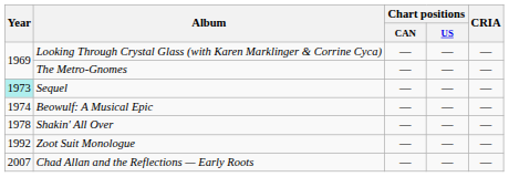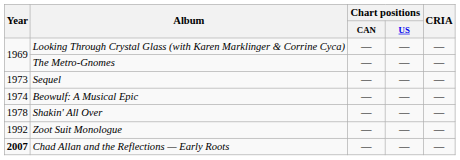 <table class="wikitable">
 <tr>
 <th rowspan="2">Year</th>
 <th rowspan="2">Album</th>
 <th colspan="2">Chart positions</th>
 <th rowspan="2">CRIA</th>
 </tr>
 <tr>
 <th style="width:50px;"><small>CAN</small></th>
 <th style="width:50px;"><small><a href='#'>US</a></small></th>
 </tr>
 <tr>
 <td rowspan="2">1969</td>
 <td><em>Looking Through Crystal Glass (with Karen Marklinger & Corrine Cyca)</em></td>
 <td style="text-align:center;">—</td>
 <td style="text-align:center;">—</td>
 <td style="text-align:center;">—</td>
 </tr>
 <tr>
 <td><em>The Metro-Gnomes</em></td>
 <td style="text-align:center;">—</td>
 <td style="text-align:center;">—</td>
 <td style="text-align:center;">—</td>
 </tr>
 <tr>
-<td style="background: paleturquoise;">1973</td>
+<td>1973</td>
 <td><em>Sequel</em></td>
 <td style="text-align:center;">—</td>
 <td style="text-align:center;">—</td>
 <td style="text-align:center;">—</td>
 </tr>
 <tr>
 <td>1974</td>
 <td><em>Beowulf: A Musical Epic</em></td>
 <td style="text-align:center;">—</td>
 <td style="text-align:center;">—</td>
 <td style="text-align:center;">—</td>
 </tr>
 <tr>
 <td>1978</td>
 <td><em>Shakin' All Over</em></td>
 <td style="text-align:center;">—</td>
 <td style="text-align:center;">—</td>
 <td style="text-align:center;">—</td>
 </tr>
 <tr>
 <td>1992</td>
 <td><em>Zoot Suit Monologue</em></td>
 <td style="text-align:center;">—</td>
 <td style="text-align:center;">—</td>
 <td style="text-align:center;">—</td>
 </tr>
 <tr>
-<td>2007</td>
+<td><strong>2007</strong></td>
 <td><em>Chad Allan and the Reflections — Early Roots</em></td>
 <td style="text-align:center;">—</td>
 <td style="text-align:center;">—</td>
 <td style="text-align:center;">—</td>
 </tr>
 </table>
